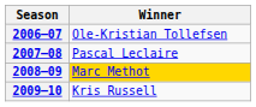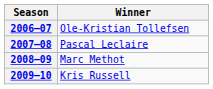 <table class="wikitable">
 <tr>
 <th scope="col" style="width:5em">Season</th>
 <th scope="col" style="width:15em">Winner</th>
 </tr>
 <tr>
 <th scope="row"><a href='#'>2006–07</a></th>
 <td><a href='#'>Ole-Kristian Tollefsen</a></td>
 </tr>
 <tr>
 <th scope="row"><a href='#'>2007–08</a></th>
 <td><a href='#'>Pascal Leclaire</a></td>
 </tr>
 <tr>
 <th scope="row"><a href='#'>2008–09</a></th>
-<td style="background: gold;"><a href='#'>Marc Methot</a></td>
+<td><a href='#'>Marc Methot</a></td>
 </tr>
 <tr>
 <th scope="row"><a href='#'>2009–10</a></th>
 <td><a href='#'>Kris Russell</a></td>
 </tr>
 </table>
